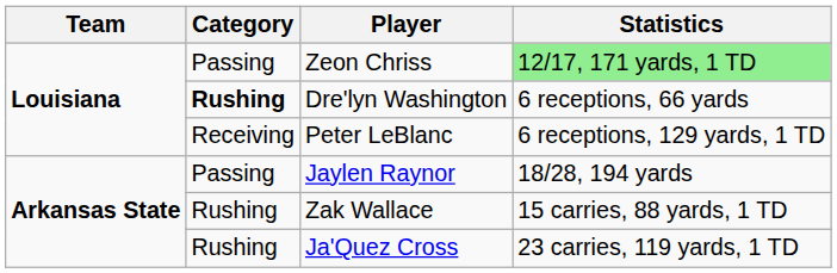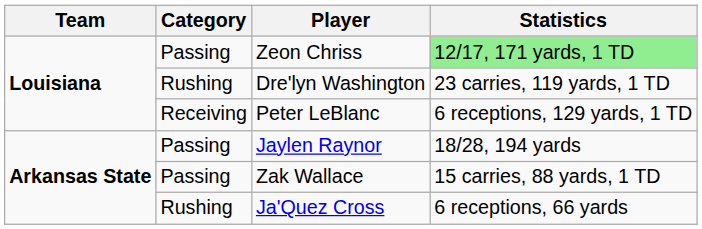 <table class="wikitable" style="float: left;">
 <tr>
 <th>Team</th>
 <th>Category</th>
 <th>Player</th>
 <th>Statistics</th>
 </tr>
 <tr>
 <td rowspan=3><strong>Louisiana</strong></td>
 <td>Passing</td>
 <td>Zeon Chriss</td>
 <td style="background: lightgreen;">12/17, 171 yards, 1 TD</td>
 </tr>
 <tr>
-<td><strong>Rushing</strong></td>
+<td>Rushing</td>
 <td>Dre'lyn Washington</td>
-<td>6 receptions, 66 yards</td>
+<td>23 carries, 119 yards, 1 TD</td>
 </tr>
 <tr>
 <td>Receiving</td>
 <td>Peter LeBlanc</td>
 <td>6 receptions, 129 yards, 1 TD</td>
 </tr>
 <tr>
 <td rowspan=3><strong>Arkansas State</strong></td>
 <td>Passing</td>
 <td><a href='#'>Jaylen Raynor</a></td>
 <td>18/28, 194 yards</td>
 </tr>
 <tr>
-<td>Rushing</td>
+<td>Passing</td>
 <td>Zak Wallace</td>
 <td>15 carries, 88 yards, 1 TD</td>
 </tr>
 <tr>
 <td>Rushing</td>
 <td><a href='#'>Ja'Quez Cross</a></td>
-<td>23 carries, 119 yards, 1 TD</td>
+<td>6 receptions, 66 yards</td>
 </tr>
 </table>
